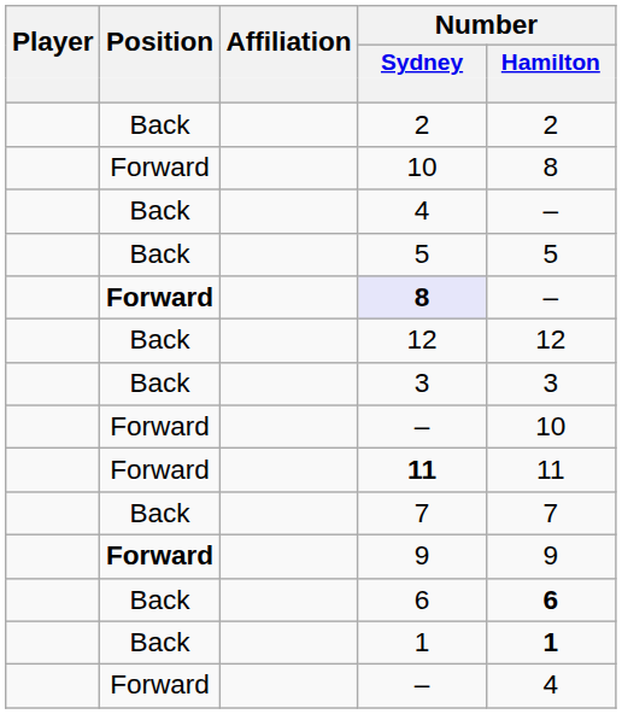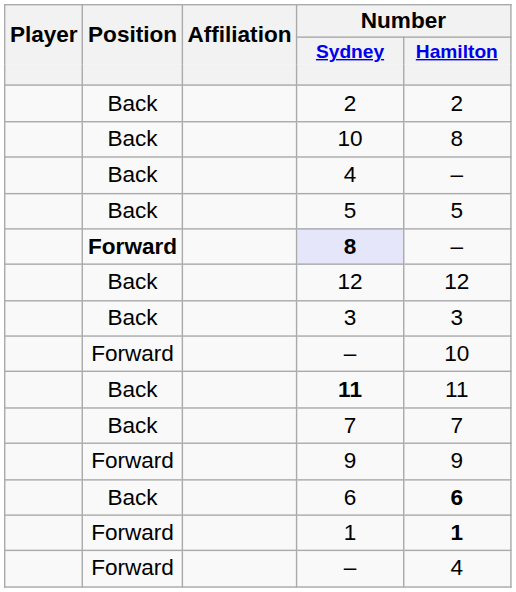 <table class="wikitable sortable" style="text-align:center;">
 <tr>
 <th rowspan=2 style="border-bottom:0px;">Player</th>
 <th rowspan=2 style="border-bottom:0px;">Position</th>
 <th rowspan=2 style="border-bottom:0px;">Affiliation</th>
 <th colspan=2 style="padding:2px;">Number</th>
 </tr>
 <tr>
 <th valign=top style="width:5.2em; border-bottom:0px; padding:2px; font-size:85%;"><a href='#'>Sydney</a></th>
 <th valign=top style="width:5.2em; border-bottom:0px; padding:2px; font-size:85%;"><a href='#'>Hamilton</a></th>
 </tr>
 <tr style="line-height:8px;">
 <th style="border-top:0px;"> </th>
 <th style="border-top:0px;"></th>
 <th style="border-top:0px;"></th>
 <th data-sort-type="number" style="border-top:0px;"></th>
 <th data-sort-type="number" style="border-top:0px;"></th>
 </tr>
 <tr>
 <td align=left></td>
 <td>Back</td>
 <td></td>
 <td>2</td>
 <td>2</td>
 </tr>
 <tr>
 <td align=left></td>
-<td>Forward</td>
+<td>Back</td>
 <td></td>
 <td>10</td>
 <td>8</td>
 </tr>
 <tr>
 <td align=left></td>
 <td>Back</td>
 <td></td>
 <td>4</td>
 <td>–</td>
 </tr>
 <tr>
 <td align=left></td>
 <td>Back</td>
 <td></td>
 <td>5</td>
 <td>5</td>
 </tr>
 <tr>
 <td align=left></td>
 <td><strong>Forward</strong></td>
 <td></td>
 <td style="background: lavender;"><strong>8</strong></td>
 <td>–</td>
 </tr>
 <tr>
 <td align=left></td>
 <td>Back</td>
 <td></td>
 <td>12</td>
 <td>12</td>
 </tr>
 <tr>
 <td align=left></td>
 <td>Back</td>
 <td></td>
 <td>3</td>
 <td>3</td>
 </tr>
 <tr>
 <td align=left></td>
 <td>Forward</td>
 <td></td>
 <td>–</td>
 <td>10</td>
 </tr>
 <tr>
 <td align=left></td>
-<td>Forward</td>
+<td>Back</td>
 <td></td>
 <td><strong>11</strong></td>
 <td>11</td>
 </tr>
 <tr>
 <td align=left></td>
 <td>Back</td>
 <td></td>
 <td>7</td>
 <td>7</td>
 </tr>
 <tr>
 <td align=left></td>
-<td><strong>Forward</strong></td>
+<td>Forward</td>
 <td></td>
 <td>9</td>
 <td>9</td>
 </tr>
 <tr>
 <td align=left></td>
 <td>Back</td>
 <td></td>
 <td>6</td>
 <td><strong>6</strong></td>
 </tr>
 <tr>
 <td align=left></td>
-<td>Back</td>
+<td>Forward</td>
 <td></td>
 <td>1</td>
 <td><strong>1</strong></td>
 </tr>
 <tr>
 <td align=left></td>
 <td>Forward</td>
 <td></td>
 <td>–</td>
 <td>4</td>
 </tr>
 </table>
